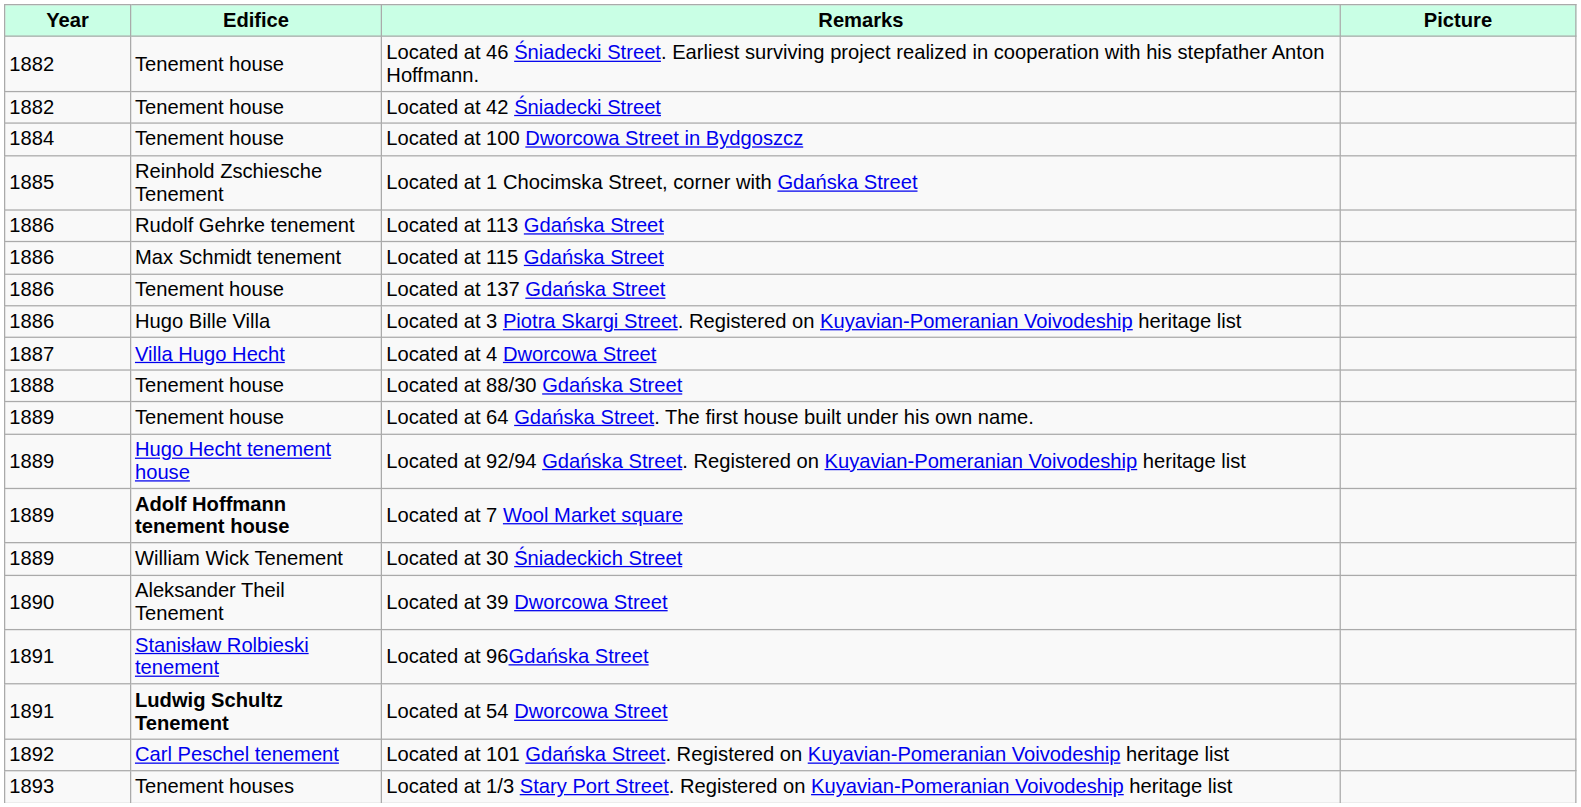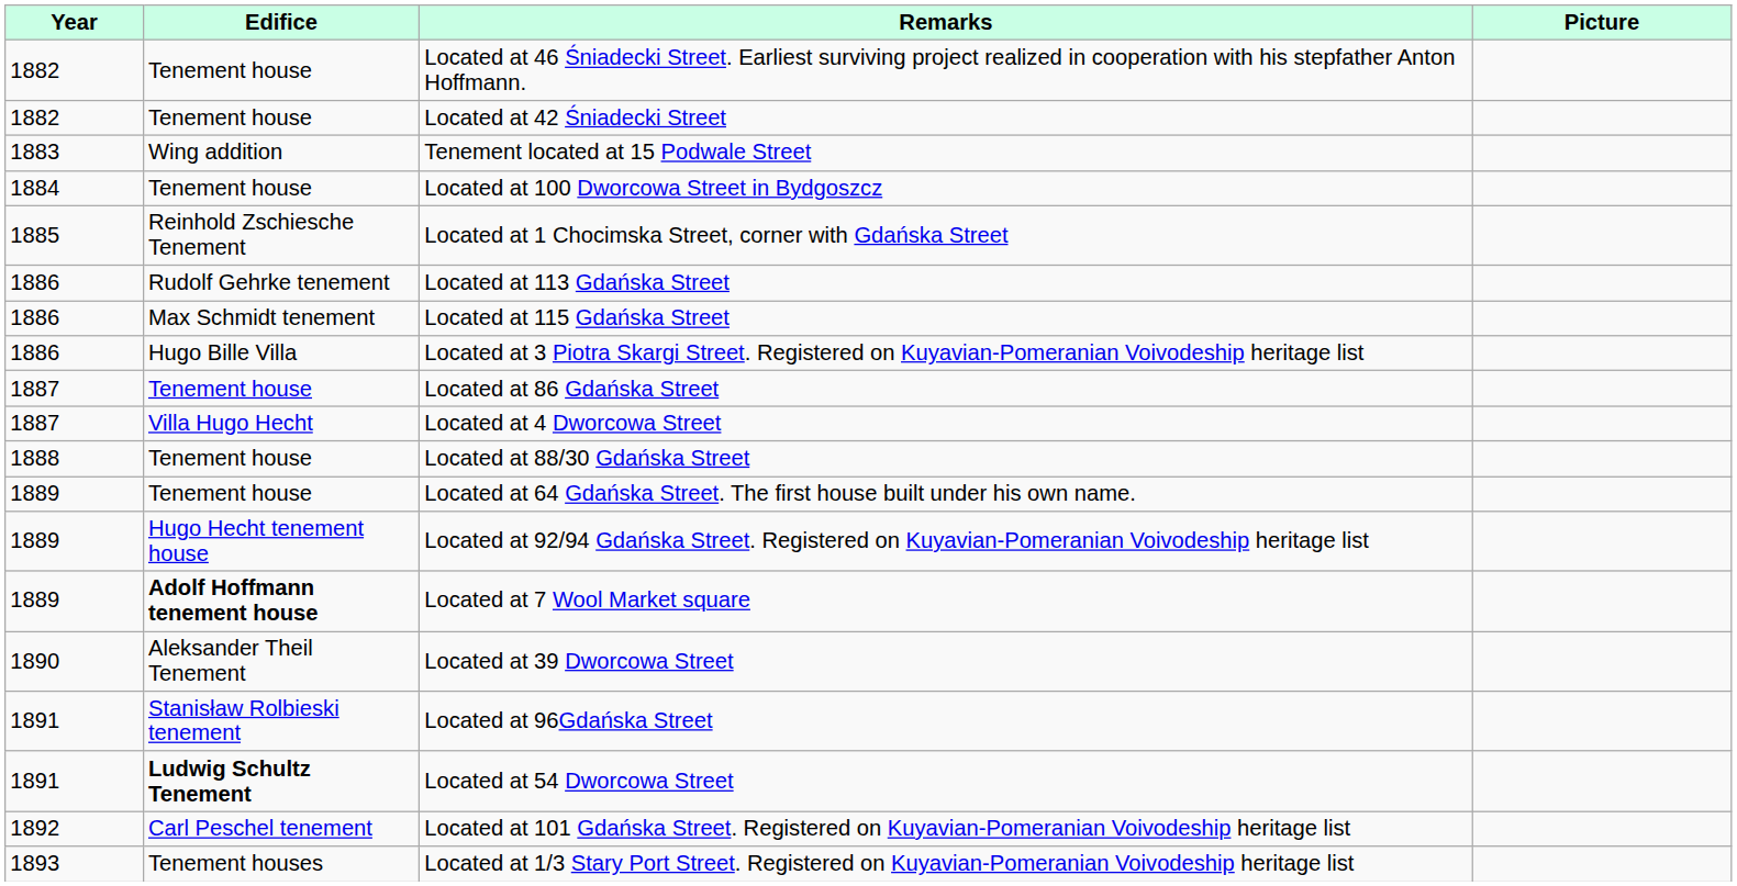 <table class="wikitable" style="flex:30em">
 <tr align="center" bgcolor="#C9FFE5">
 <td width=8%><strong>Year</strong></td>
 <td width=16%><strong>Edifice</strong></td>
 <td width=61%><strong>Remarks</strong></td>
 <td width=15%><strong>Picture</strong></td>
 </tr>
 <tr ----bgcolor="#FFFFFF">
 <td>1882</td>
 <td>Tenement house</td>
 <td>Located at 46 <a href='#'>Śniadecki Street</a>. Earliest surviving project realized in cooperation with his stepfather Anton Hoffmann.</td>
 <td></td>
 </tr>
 <tr>
 <td>1882</td>
 <td>Tenement house</td>
 <td>Located at 42 <a href='#'>Śniadecki Street</a></td>
+<td></td>
+</tr>
+<tr>
+<td>1883</td>
+<td>Wing addition</td>
+<td>Tenement located at 15 <a href='#'>Podwale Street</a></td>
 <td></td>
 </tr>
 <tr>
 <td>1884</td>
 <td>Tenement house</td>
 <td>Located at 100 <a href='#'>Dworcowa Street in Bydgoszcz</a></td>
 <td></td>
 </tr>
 <tr>
 <td>1885</td>
 <td>Reinhold Zschiesche Tenement</td>
 <td>Located at 1 Chocimska Street, corner with <a href='#'>Gdańska Street</a></td>
 <td></td>
 </tr>
 <tr>
 <td>1886</td>
 <td>Rudolf Gehrke tenement</td>
 <td>Located at 113 <a href='#'>Gdańska Street</a></td>
 <td></td>
 </tr>
 <tr>
 <td>1886</td>
 <td>Max Schmidt tenement</td>
 <td>Located at 115 <a href='#'>Gdańska Street</a></td>
 <td></td>
 </tr>
 <tr>
 <td>1886</td>
-<td>Tenement house</td>
-<td>Located at 137 <a href='#'>Gdańska Street</a></td>
+<td>Hugo Bille Villa</td>
+<td>Located at 3 <a href='#'>Piotra Skargi Street</a>. Registered on <a href='#'>Kuyavian-Pomeranian Voivodeship</a> heritage list</td>
 <td></td>
 </tr>
 <tr>
-<td>1886</td>
-<td>Hugo Bille Villa</td>
-<td>Located at 3 <a href='#'>Piotra Skargi Street</a>. Registered on <a href='#'>Kuyavian-Pomeranian Voivodeship</a> heritage list</td>
+<td>1887</td>
+<td><a href='#'>Tenement house</a></td>
+<td>Located at 86 <a href='#'>Gdańska Street</a></td>
 <td></td>
 </tr>
 <tr>
 <td>1887</td>
 <td><a href='#'>Villa Hugo Hecht</a></td>
 <td>Located at 4 <a href='#'>Dworcowa Street</a></td>
 <td></td>
 </tr>
 <tr>
 <td>1888</td>
 <td>Tenement house</td>
 <td>Located at 88/30 <a href='#'>Gdańska Street</a></td>
 <td></td>
 </tr>
 <tr>
 <td>1889</td>
 <td>Tenement house</td>
 <td>Located at 64 <a href='#'>Gdańska Street</a>. The first house built under his own name.</td>
 <td></td>
 </tr>
 <tr>
 <td>1889</td>
 <td><a href='#'>Hugo Hecht tenement house</a></td>
 <td>Located at 92/94 <a href='#'>Gdańska Street</a>. Registered on <a href='#'>Kuyavian-Pomeranian Voivodeship</a> heritage list</td>
 <td></td>
 </tr>
 <tr>
 <td>1889</td>
 <td><strong>Adolf Hoffmann tenement house</strong></td>
 <td>Located at 7 <a href='#'>Wool Market square</a></td>
 <td></td>
 </tr>
 <tr>
-<td>1889</td>
-<td>William Wick Tenement</td>
-<td>Located at 30 <a href='#'>Śniadeckich Street</a></td>
-<td></td>
-</tr>
-<tr>
 <td>1890</td>
 <td>Aleksander Theil Tenement</td>
 <td>Located at 39 <a href='#'>Dworcowa Street</a></td>
 <td></td>
 </tr>
 <tr>
 <td>1891</td>
 <td><a href='#'>Stanisław Rolbieski tenement</a></td>
 <td>Located at 96<a href='#'>Gdańska Street</a></td>
 <td></td>
 </tr>
 <tr>
 <td>1891</td>
 <td><strong>Ludwig Schultz Tenement</strong></td>
 <td>Located at 54 <a href='#'>Dworcowa Street</a></td>
 <td></td>
 </tr>
 <tr>
 <td>1892</td>
 <td><a href='#'>Carl Peschel tenement</a></td>
 <td>Located at 101 <a href='#'>Gdańska Street</a>. Registered on <a href='#'>Kuyavian-Pomeranian Voivodeship</a> heritage list</td>
 <td></td>
 </tr>
 <tr>
 <td>1893</td>
 <td>Tenement houses</td>
 <td>Located at 1/3 <a href='#'>Stary Port Street</a>. Registered on <a href='#'>Kuyavian-Pomeranian Voivodeship</a> heritage list</td>
 <td></td>
 </tr>
 </table>
